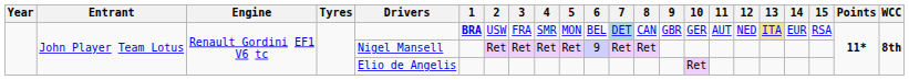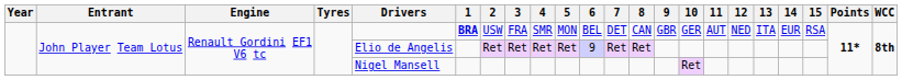 <table class="wikitable" style="text-align:center; font-size:95%">
 <tr>
 <th>Year</th>
 <th>Entrant</th>
 <th>Engine</th>
 <th>Tyres</th>
 <th>Drivers</th>
 <th>1</th>
 <th>2</th>
 <th>3</th>
 <th>4</th>
 <th>5</th>
 <th>6</th>
 <th>7</th>
 <th>8</th>
 <th>9</th>
 <th>10</th>
 <th>11</th>
 <th>12</th>
 <th>13</th>
 <th>14</th>
 <th>15</th>
 <th>Points</th>
 <th>WCC</th>
 </tr>
 <tr>
 <td rowspan="3"></td>
 <td rowspan="3"><a href='#'>John Player</a> <a href='#'>Team Lotus</a></td>
 <td rowspan="3"><a href='#'>Renault Gordini</a> <a href='#'>EF1</a><br><a href='#'>V6</a> <a href='#'>tc</a></td>
 <td rowspan="3"></td>
 <td></td>
 <td><strong><a href='#'>BRA</a></strong></td>
 <td><a href='#'>USW</a></td>
 <td><a href='#'>FRA</a></td>
 <td><a href='#'>SMR</a></td>
 <td><a href='#'>MON</a></td>
 <td><a href='#'>BEL</a></td>
-<td style="background: lightblue;"><a href='#'>DET</a></td>
+<td><a href='#'>DET</a></td>
 <td><a href='#'>CAN</a></td>
 <td><a href='#'>GBR</a></td>
 <td><a href='#'>GER</a></td>
 <td><a href='#'>AUT</a></td>
 <td><a href='#'>NED</a></td>
-<td style="background: khaki;"><a href='#'>ITA</a></td>
+<td><a href='#'>ITA</a></td>
 <td><a href='#'>EUR</a></td>
 <td><a href='#'>RSA</a></td>
 <td rowspan="3"><strong>11*</strong></td>
 <td rowspan="3"><strong>8th</strong></td>
 </tr>
 <tr>
-<td align="left"><a href='#'>Nigel Mansell</a></td>
+<td align="left"><a href='#'>Elio de Angelis</a></td>
 <td></td>
 <td style="background:#efcfff;">Ret</td>
 <td style="background:#efcfff;">Ret</td>
 <td style="background:#efcfff;">Ret</td>
 <td style="background:#efcfff;">Ret</td>
 <td style="background:#cfcfff;">9</td>
 <td style="background:#efcfff;">Ret</td>
 <td style="background:#efcfff;">Ret</td>
 <td></td>
 <td></td>
 <td></td>
 <td></td>
 <td></td>
 <td></td>
 <td></td>
 </tr>
 <tr>
-<td align="left"><a href='#'>Elio de Angelis</a></td>
+<td align="left"><a href='#'>Nigel Mansell</a></td>
 <td></td>
 <td></td>
 <td></td>
 <td></td>
 <td></td>
 <td></td>
 <td></td>
 <td></td>
 <td></td>
 <td style="background:#efcfff;">Ret</td>
 <td></td>
 <td></td>
 <td></td>
 <td></td>
 <td></td>
 </tr>
 </table>
